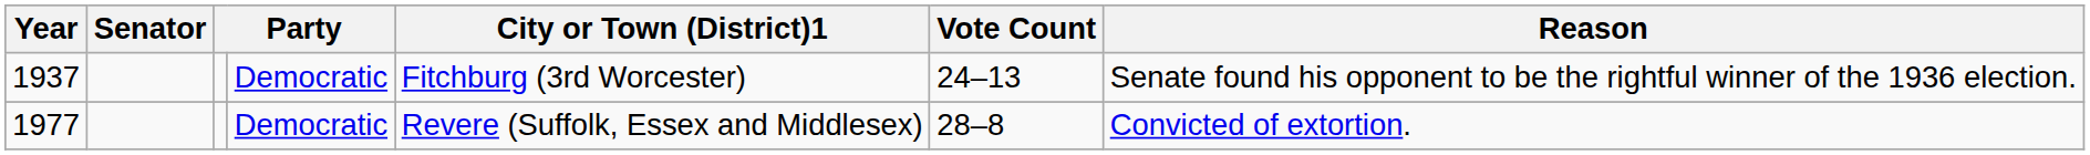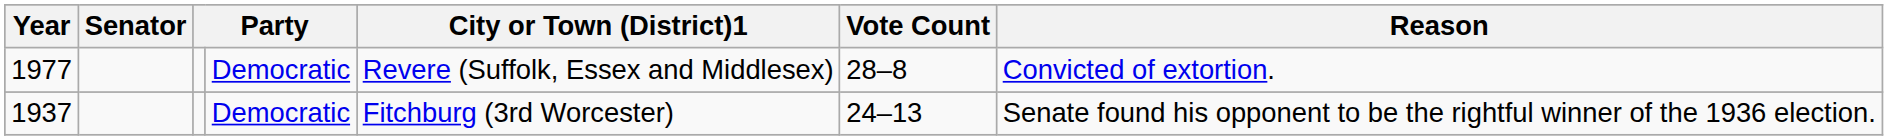 <table class="wikitable sortable">
 <tr>
 <th>Year</th>
 <th>Senator</th>
 <th colspan=2>Party</th>
 <th>City or Town (District)1</th>
 <th>Vote Count</th>
 <th class=unsortable>Reason</th>
 </tr>
 <tr>
+<td>1977</td>
+<td></td>
+<td style="background-color:"></td>
+<td><a href='#'>Democratic</a></td>
+<td><a href='#'>Revere</a> (Suffolk, Essex and Middlesex)</td>
+<td>28–8</td>
+<td><a href='#'>Convicted of extortion</a>.</td>
+</tr>
+<tr>
 <td>1937</td>
 <td></td>
 <td style="background-color:"></td>
 <td><a href='#'>Democratic</a></td>
 <td><a href='#'>Fitchburg</a> (3rd Worcester)</td>
 <td>24–13</td>
 <td>Senate found his opponent to be the rightful winner of the 1936 election.</td>
 </tr>
-<tr>
-<td>1977</td>
-<td></td>
-<td style="background-color:"></td>
-<td><a href='#'>Democratic</a></td>
-<td><a href='#'>Revere</a> (Suffolk, Essex and Middlesex)</td>
-<td>28–8</td>
-<td><a href='#'>Convicted of extortion</a>.</td>
-</tr>
 </table>
